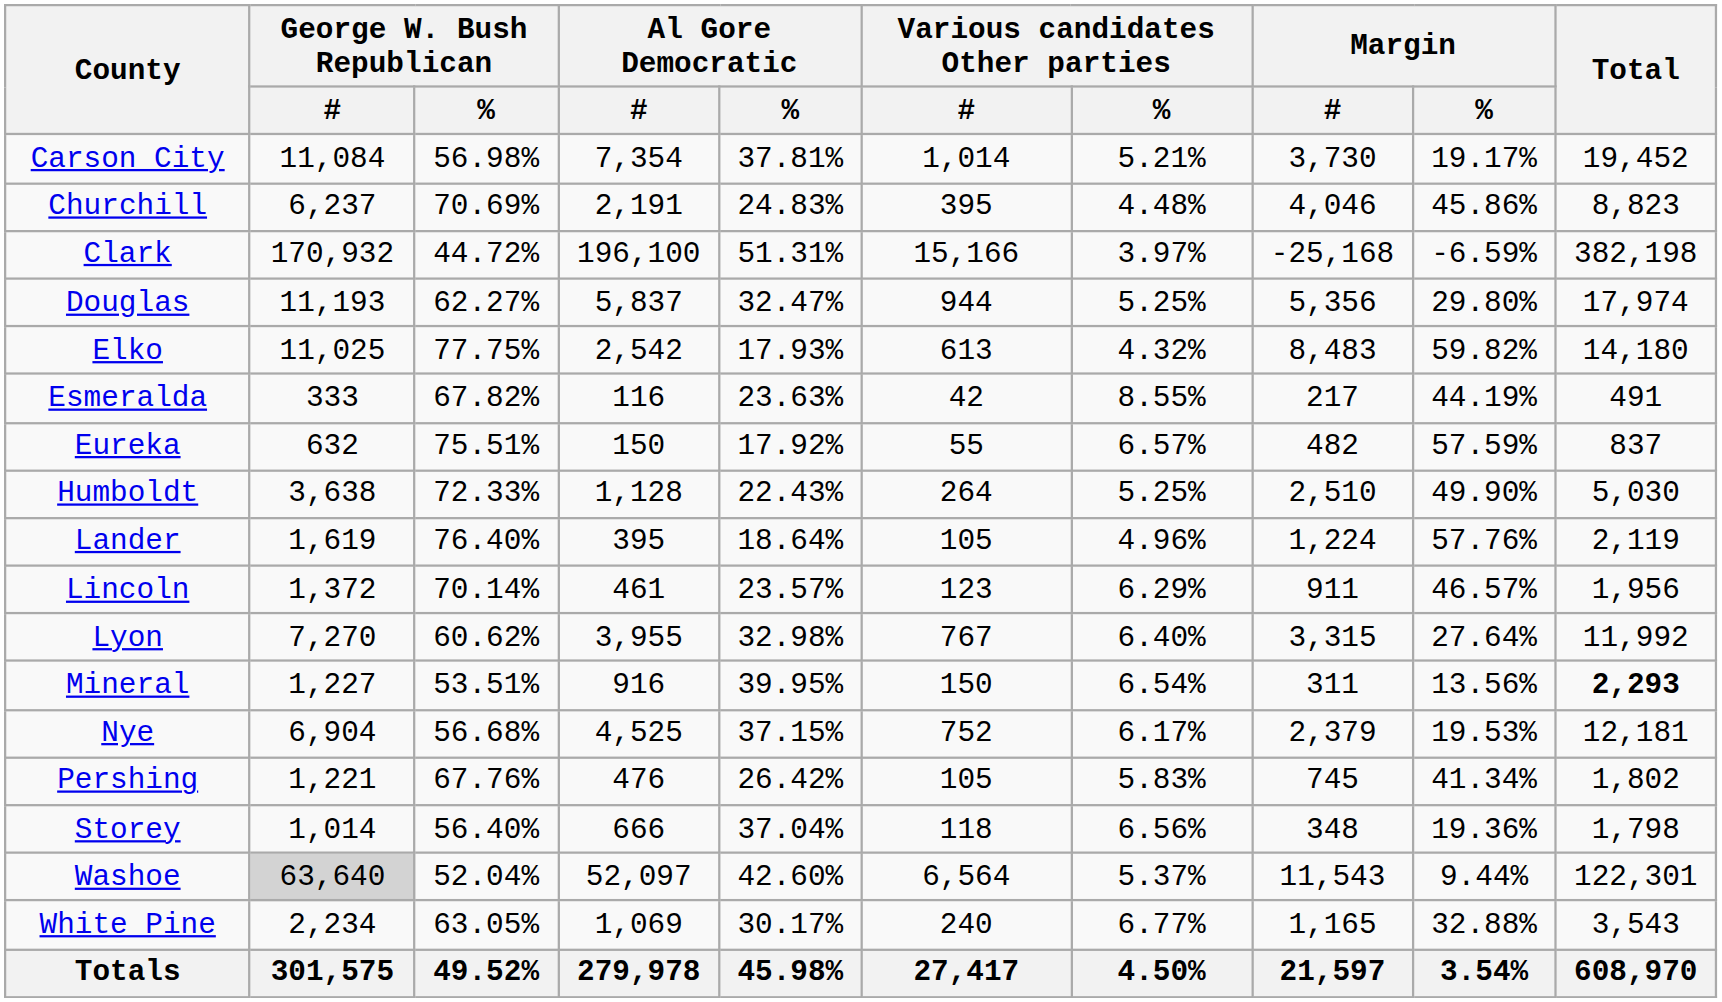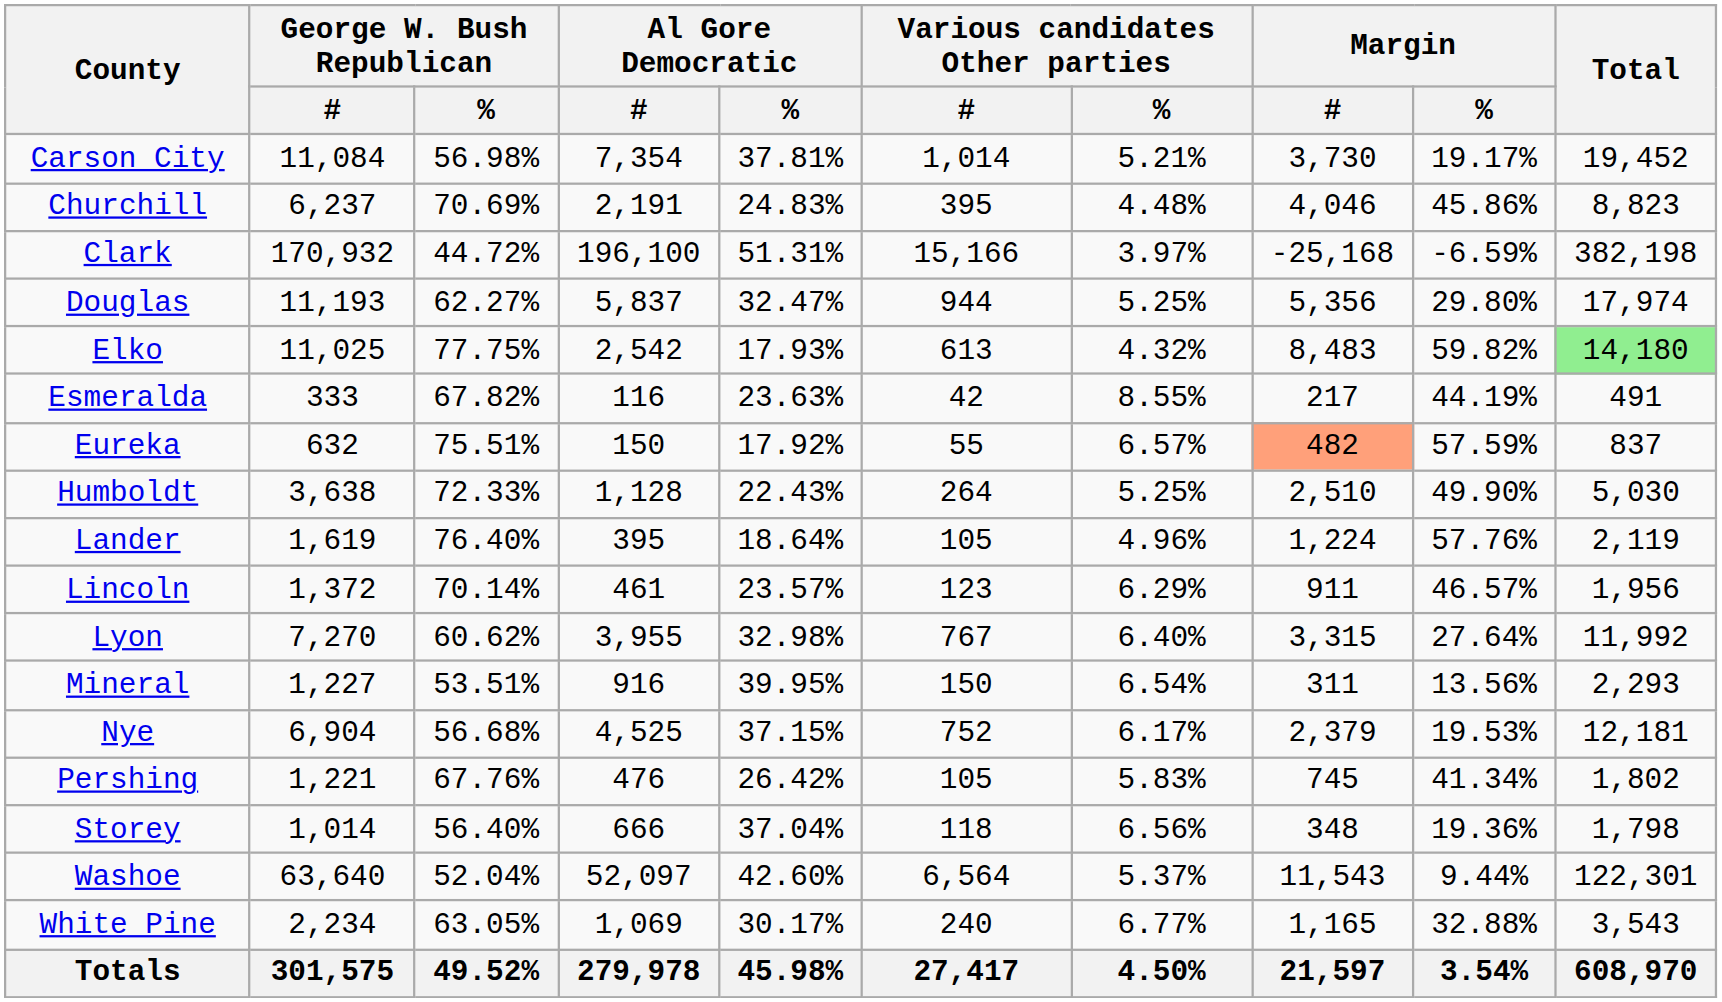 <table width="60%" class="wikitable sortable">
 <tr>
 <th rowspan="2">County</th>
 <th colspan="2">George W. Bush<br>Republican</th>
 <th colspan="2">Al Gore<br>Democratic</th>
 <th colspan="2">Various candidates<br>Other parties</th>
 <th colspan="2">Margin</th>
 <th rowspan="2">Total</th>
 </tr>
 <tr>
 <th style="text-align:center;" data-sort-type="number">#</th>
 <th style="text-align:center;" data-sort-type="number">%</th>
 <th style="text-align:center;" data-sort-type="number">#</th>
 <th style="text-align:center;" data-sort-type="number">%</th>
 <th style="text-align:center;" data-sort-type="number">#</th>
 <th style="text-align:center;" data-sort-type="number">%</th>
 <th style="text-align:center;" data-sort-type="number">#</th>
 <th style="text-align:center;" data-sort-type="number">%</th>
 </tr>
 <tr style="text-align:center;">
 <td><a href='#'>Carson City</a></td>
 <td>11,084</td>
 <td>56.98%</td>
 <td>7,354</td>
 <td>37.81%</td>
 <td>1,014</td>
 <td>5.21%</td>
 <td>3,730</td>
 <td>19.17%</td>
 <td>19,452</td>
 </tr>
 <tr style="text-align:center;">
 <td><a href='#'>Churchill</a></td>
 <td>6,237</td>
 <td>70.69%</td>
 <td>2,191</td>
 <td>24.83%</td>
 <td>395</td>
 <td>4.48%</td>
 <td>4,046</td>
 <td>45.86%</td>
 <td>8,823</td>
 </tr>
 <tr style="text-align:center;">
 <td><a href='#'>Clark</a></td>
 <td>170,932</td>
 <td>44.72%</td>
 <td>196,100</td>
 <td>51.31%</td>
 <td>15,166</td>
 <td>3.97%</td>
 <td>-25,168</td>
 <td>-6.59%</td>
 <td>382,198</td>
 </tr>
 <tr style="text-align:center;">
 <td><a href='#'>Douglas</a></td>
 <td>11,193</td>
 <td>62.27%</td>
 <td>5,837</td>
 <td>32.47%</td>
 <td>944</td>
 <td>5.25%</td>
 <td>5,356</td>
 <td>29.80%</td>
 <td>17,974</td>
 </tr>
 <tr style="text-align:center;">
 <td><a href='#'>Elko</a></td>
 <td>11,025</td>
 <td>77.75%</td>
 <td>2,542</td>
 <td>17.93%</td>
 <td>613</td>
 <td>4.32%</td>
 <td>8,483</td>
 <td>59.82%</td>
-<td>14,180</td>
+<td style="background: lightgreen;">14,180</td>
 </tr>
 <tr style="text-align:center;">
 <td><a href='#'>Esmeralda</a></td>
 <td>333</td>
 <td>67.82%</td>
 <td>116</td>
 <td>23.63%</td>
 <td>42</td>
 <td>8.55%</td>
 <td>217</td>
 <td>44.19%</td>
 <td>491</td>
 </tr>
 <tr style="text-align:center;">
 <td><a href='#'>Eureka</a></td>
 <td>632</td>
 <td>75.51%</td>
 <td>150</td>
 <td>17.92%</td>
 <td>55</td>
 <td>6.57%</td>
-<td>482</td>
+<td style="background: lightsalmon;">482</td>
 <td>57.59%</td>
 <td>837</td>
 </tr>
 <tr style="text-align:center;">
 <td><a href='#'>Humboldt</a></td>
 <td>3,638</td>
 <td>72.33%</td>
 <td>1,128</td>
 <td>22.43%</td>
 <td>264</td>
 <td>5.25%</td>
 <td>2,510</td>
 <td>49.90%</td>
 <td>5,030</td>
 </tr>
 <tr style="text-align:center;">
 <td><a href='#'>Lander</a></td>
 <td>1,619</td>
 <td>76.40%</td>
 <td>395</td>
 <td>18.64%</td>
 <td>105</td>
 <td>4.96%</td>
 <td>1,224</td>
 <td>57.76%</td>
 <td>2,119</td>
 </tr>
 <tr style="text-align:center;">
 <td><a href='#'>Lincoln</a></td>
 <td>1,372</td>
 <td>70.14%</td>
 <td>461</td>
 <td>23.57%</td>
 <td>123</td>
 <td>6.29%</td>
 <td>911</td>
 <td>46.57%</td>
 <td>1,956</td>
 </tr>
 <tr style="text-align:center;">
 <td><a href='#'>Lyon</a></td>
 <td>7,270</td>
 <td>60.62%</td>
 <td>3,955</td>
 <td>32.98%</td>
 <td>767</td>
 <td>6.40%</td>
 <td>3,315</td>
 <td>27.64%</td>
 <td>11,992</td>
 </tr>
 <tr style="text-align:center;">
 <td><a href='#'>Mineral</a></td>
 <td>1,227</td>
 <td>53.51%</td>
 <td>916</td>
 <td>39.95%</td>
 <td>150</td>
 <td>6.54%</td>
 <td>311</td>
 <td>13.56%</td>
-<td><strong>2,293</strong></td>
+<td>2,293</td>
 </tr>
 <tr style="text-align:center;">
 <td><a href='#'>Nye</a></td>
 <td>6,904</td>
 <td>56.68%</td>
 <td>4,525</td>
 <td>37.15%</td>
 <td>752</td>
 <td>6.17%</td>
 <td>2,379</td>
 <td>19.53%</td>
 <td>12,181</td>
 </tr>
 <tr style="text-align:center;">
 <td><a href='#'>Pershing</a></td>
 <td>1,221</td>
 <td>67.76%</td>
 <td>476</td>
 <td>26.42%</td>
 <td>105</td>
 <td>5.83%</td>
 <td>745</td>
 <td>41.34%</td>
 <td>1,802</td>
 </tr>
 <tr style="text-align:center;">
 <td><a href='#'>Storey</a></td>
 <td>1,014</td>
 <td>56.40%</td>
 <td>666</td>
 <td>37.04%</td>
 <td>118</td>
 <td>6.56%</td>
 <td>348</td>
 <td>19.36%</td>
 <td>1,798</td>
 </tr>
 <tr style="text-align:center;">
 <td><a href='#'>Washoe</a></td>
-<td style="background: lightgrey;">63,640</td>
+<td>63,640</td>
 <td>52.04%</td>
 <td>52,097</td>
 <td>42.60%</td>
 <td>6,564</td>
 <td>5.37%</td>
 <td>11,543</td>
 <td>9.44%</td>
 <td>122,301</td>
 </tr>
 <tr style="text-align:center;">
 <td><a href='#'>White Pine</a></td>
 <td>2,234</td>
 <td>63.05%</td>
 <td>1,069</td>
 <td>30.17%</td>
 <td>240</td>
 <td>6.77%</td>
 <td>1,165</td>
 <td>32.88%</td>
 <td>3,543</td>
 </tr>
 <tr>
 <th>Totals</th>
 <th>301,575</th>
 <th>49.52%</th>
 <th>279,978</th>
 <th>45.98%</th>
 <th>27,417</th>
 <th>4.50%</th>
 <th>21,597</th>
 <th>3.54%</th>
 <th>608,970</th>
 </tr>
 </table>
